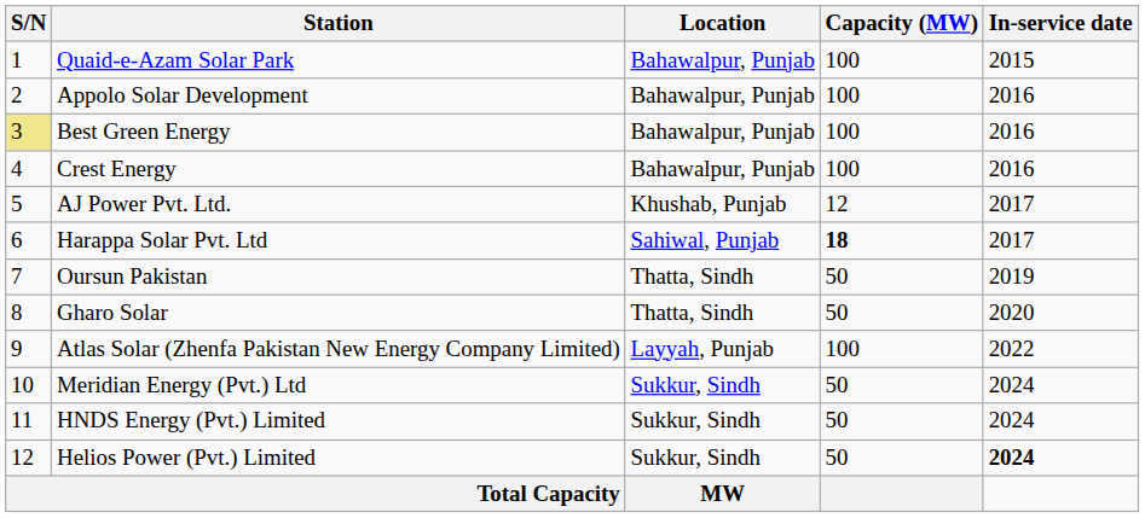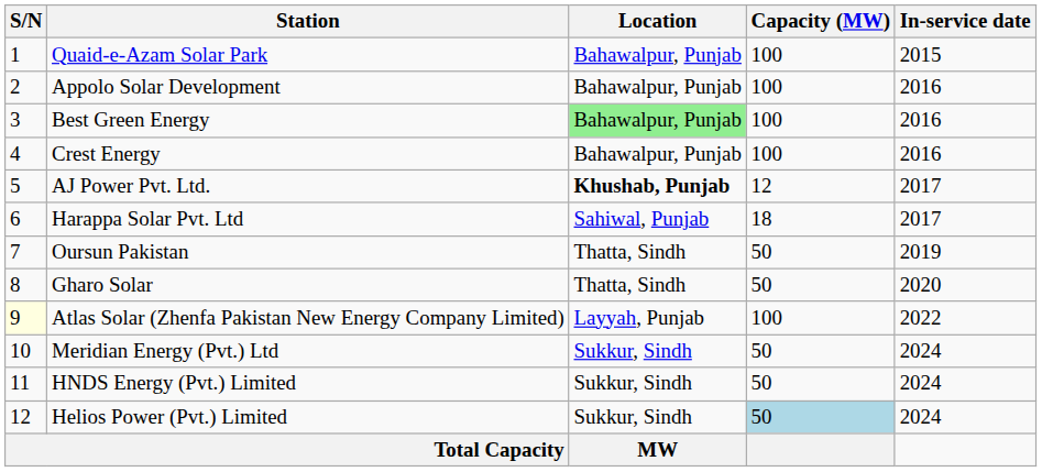 <table class="wikitable sortable">
 <tr>
 <th>S/N</th>
 <th>Station</th>
 <th>Location</th>
 <th>Capacity (<a href='#'>MW</a>)</th>
 <th>In-service date</th>
 </tr>
 <tr>
 <td>1</td>
 <td><a href='#'>Quaid-e-Azam Solar Park</a></td>
 <td><a href='#'>Bahawalpur</a>, <a href='#'>Punjab</a></td>
 <td>100</td>
 <td>2015</td>
 </tr>
 <tr>
 <td>2</td>
 <td>Appolo Solar Development</td>
 <td>Bahawalpur, Punjab</td>
 <td>100</td>
 <td>2016</td>
 </tr>
 <tr>
-<td style="background: khaki;">3</td>
+<td>3</td>
 <td>Best Green Energy</td>
-<td>Bahawalpur, Punjab</td>
+<td style="background: lightgreen;">Bahawalpur, Punjab</td>
 <td>100</td>
 <td>2016</td>
 </tr>
 <tr>
 <td>4</td>
 <td>Crest Energy</td>
 <td>Bahawalpur, Punjab</td>
 <td>100</td>
 <td>2016</td>
 </tr>
 <tr>
 <td>5</td>
 <td>AJ Power Pvt. Ltd.</td>
-<td>Khushab, Punjab</td>
+<td><strong>Khushab, Punjab</strong></td>
 <td>12</td>
 <td>2017</td>
 </tr>
 <tr>
 <td>6</td>
 <td>Harappa Solar Pvt. Ltd</td>
 <td><a href='#'>Sahiwal</a>, <a href='#'>Punjab</a></td>
-<td><strong>18</strong></td>
+<td>18</td>
 <td>2017</td>
 </tr>
 <tr>
 <td>7</td>
 <td>Oursun Pakistan</td>
 <td>Thatta, Sindh</td>
 <td>50</td>
 <td>2019</td>
 </tr>
 <tr>
 <td>8</td>
 <td>Gharo Solar</td>
 <td>Thatta, Sindh</td>
 <td>50</td>
 <td>2020</td>
 </tr>
 <tr>
-<td>9</td>
+<td style="background: lightyellow;">9</td>
 <td>Atlas Solar (Zhenfa Pakistan New Energy Company Limited)</td>
 <td><a href='#'>Layyah</a>, Punjab</td>
 <td>100</td>
 <td>2022</td>
 </tr>
 <tr>
 <td>10</td>
 <td>Meridian Energy (Pvt.) Ltd</td>
 <td><a href='#'>Sukkur</a>, <a href='#'>Sindh</a></td>
 <td>50</td>
 <td>2024</td>
 </tr>
 <tr>
 <td>11</td>
 <td>HNDS Energy (Pvt.) Limited</td>
 <td>Sukkur, Sindh</td>
 <td>50</td>
 <td>2024</td>
 </tr>
 <tr>
 <td>12</td>
 <td>Helios Power (Pvt.) Limited</td>
 <td>Sukkur, Sindh</td>
-<td>50</td>
-<td><strong>2024</strong></td>
+<td style="background: lightblue;">50</td>
+<td>2024</td>
 </tr>
 <tr>
 <th colspan="2" style="text-align:right;"><strong>Total Capacity</strong></th>
 <th style="text-align:center;"><strong> MW</strong></th>
 <th></th>
 </tr>
 </table>
